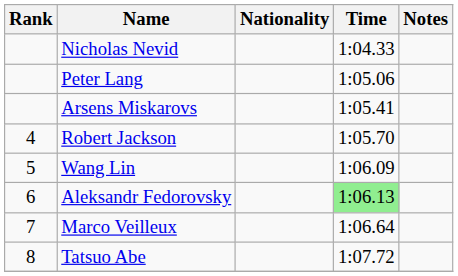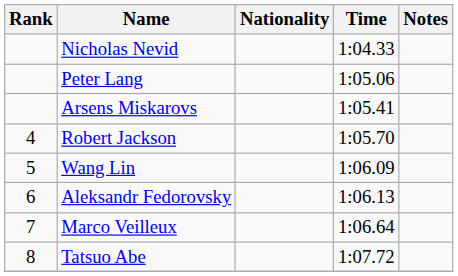 <table class="wikitable sortable" style="text-align:center">
 <tr>
 <th>Rank</th>
 <th>Name</th>
 <th>Nationality</th>
 <th>Time</th>
 <th>Notes</th>
 </tr>
 <tr>
 <td></td>
 <td align="left"><a href='#'>Nicholas Nevid</a></td>
 <td align="left"></td>
 <td>1:04.33</td>
 <td></td>
 </tr>
 <tr>
 <td></td>
 <td align="left"><a href='#'>Peter Lang</a></td>
 <td align="left"></td>
 <td>1:05.06</td>
 <td></td>
 </tr>
 <tr>
 <td></td>
 <td align="left"><a href='#'>Arsens Miskarovs</a></td>
 <td align="left"></td>
 <td>1:05.41</td>
 <td></td>
 </tr>
 <tr>
 <td>4</td>
 <td align="left"><a href='#'>Robert Jackson</a></td>
 <td align="left"></td>
 <td>1:05.70</td>
 <td></td>
 </tr>
 <tr>
 <td>5</td>
 <td align="left"><a href='#'>Wang Lin</a></td>
 <td align="left"></td>
 <td>1:06.09</td>
 <td></td>
 </tr>
 <tr>
 <td>6</td>
 <td align="left"><a href='#'>Aleksandr Fedorovsky</a></td>
 <td align="left"></td>
-<td style="background: lightgreen;">1:06.13</td>
+<td>1:06.13</td>
 <td></td>
 </tr>
 <tr>
 <td>7</td>
 <td align="left"><a href='#'>Marco Veilleux</a></td>
 <td align="left"></td>
 <td>1:06.64</td>
 <td></td>
 </tr>
 <tr>
 <td>8</td>
 <td align="left"><a href='#'>Tatsuo Abe</a></td>
 <td align="left"></td>
 <td>1:07.72</td>
 <td></td>
 </tr>
 <tr>
 </tr>
 </table>
